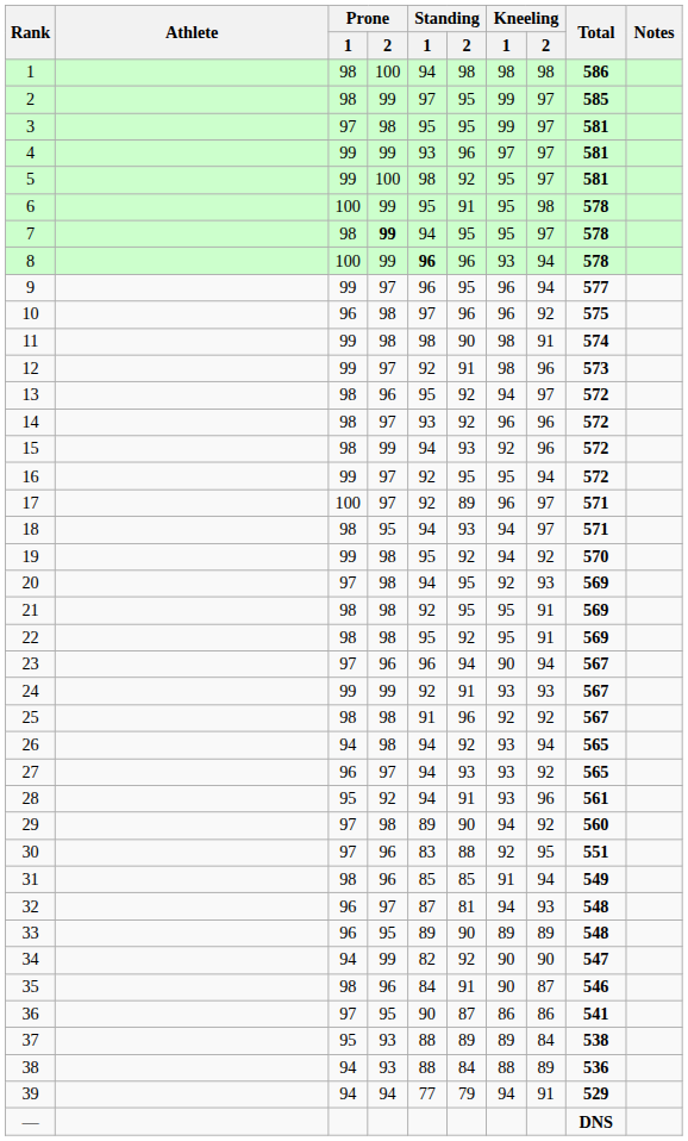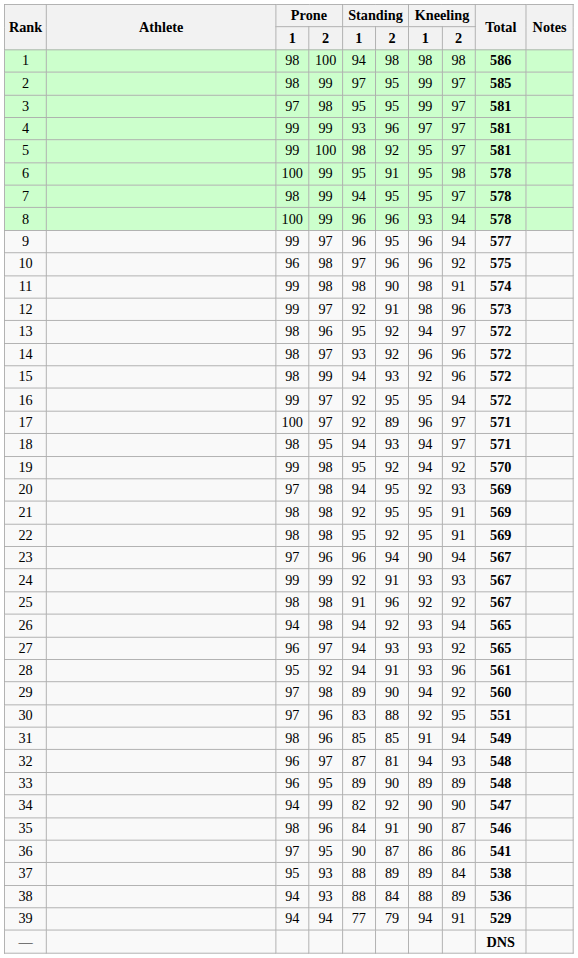 <table class="wikitable" style="text-align:center">
 <tr>
 <th rowspan=2 width=40>Rank</th>
 <th rowspan=2 width=250>Athlete</th>
 <th colspan=2>Prone</th>
 <th colspan=2>Standing</th>
 <th colspan=2>Kneeling</th>
 <th rowspan=2 width=50>Total</th>
 <th rowspan=2 width=45>Notes</th>
 </tr>
 <tr>
 <th width=30>1</th>
 <th width=30>2</th>
 <th width=30>1</th>
 <th width=30>2</th>
 <th width=30>1</th>
 <th width=30>2</th>
 </tr>
 <tr bgcolor=ccffcc>
 <td>1</td>
 <td align=left></td>
 <td>98</td>
 <td>100</td>
 <td>94</td>
 <td>98</td>
 <td>98</td>
 <td>98</td>
 <td><strong>586</strong></td>
 <td></td>
 </tr>
 <tr bgcolor=ccffcc>
 <td>2</td>
 <td align=left></td>
 <td>98</td>
 <td>99</td>
 <td>97</td>
 <td>95</td>
 <td>99</td>
 <td>97</td>
 <td><strong>585</strong></td>
 <td></td>
 </tr>
 <tr bgcolor=ccffcc>
 <td>3</td>
 <td align=left></td>
 <td>97</td>
 <td>98</td>
 <td>95</td>
 <td>95</td>
 <td>99</td>
 <td>97</td>
 <td><strong>581</strong></td>
 <td></td>
 </tr>
 <tr bgcolor=ccffcc>
 <td>4</td>
 <td align=left></td>
 <td>99</td>
 <td>99</td>
 <td>93</td>
 <td>96</td>
 <td>97</td>
 <td>97</td>
 <td><strong>581</strong></td>
 <td></td>
 </tr>
 <tr bgcolor=ccffcc>
 <td>5</td>
 <td align=left></td>
 <td>99</td>
 <td>100</td>
 <td>98</td>
 <td>92</td>
 <td>95</td>
 <td>97</td>
 <td><strong>581</strong></td>
 <td></td>
 </tr>
 <tr bgcolor=ccffcc>
 <td>6</td>
 <td align=left></td>
 <td>100</td>
 <td>99</td>
 <td>95</td>
 <td>91</td>
 <td>95</td>
 <td>98</td>
 <td><strong>578</strong></td>
 <td></td>
 </tr>
 <tr bgcolor=ccffcc>
 <td>7</td>
 <td align=left></td>
 <td>98</td>
-<td><strong>99</strong></td>
+<td>99</td>
 <td>94</td>
 <td>95</td>
 <td>95</td>
 <td>97</td>
 <td><strong>578</strong></td>
 <td></td>
 </tr>
 <tr bgcolor=ccffcc>
 <td>8</td>
 <td align=left></td>
 <td>100</td>
 <td>99</td>
-<td><strong>96</strong></td>
+<td>96</td>
 <td>96</td>
 <td>93</td>
 <td>94</td>
 <td><strong>578</strong></td>
 <td></td>
 </tr>
 <tr>
 <td>9</td>
 <td align=left></td>
 <td>99</td>
 <td>97</td>
 <td>96</td>
 <td>95</td>
 <td>96</td>
 <td>94</td>
 <td><strong>577</strong></td>
 <td></td>
 </tr>
 <tr>
 <td>10</td>
 <td align=left></td>
 <td>96</td>
 <td>98</td>
 <td>97</td>
 <td>96</td>
 <td>96</td>
 <td>92</td>
 <td><strong>575</strong></td>
 <td></td>
 </tr>
 <tr>
 <td>11</td>
 <td align=left></td>
 <td>99</td>
 <td>98</td>
 <td>98</td>
 <td>90</td>
 <td>98</td>
 <td>91</td>
 <td><strong>574</strong></td>
 <td></td>
 </tr>
 <tr>
 <td>12</td>
 <td align=left></td>
 <td>99</td>
 <td>97</td>
 <td>92</td>
 <td>91</td>
 <td>98</td>
 <td>96</td>
 <td><strong>573</strong></td>
 <td></td>
 </tr>
 <tr>
 <td>13</td>
 <td align=left></td>
 <td>98</td>
 <td>96</td>
 <td>95</td>
 <td>92</td>
 <td>94</td>
 <td>97</td>
 <td><strong>572</strong></td>
 <td></td>
 </tr>
 <tr>
 <td>14</td>
 <td align=left></td>
 <td>98</td>
 <td>97</td>
 <td>93</td>
 <td>92</td>
 <td>96</td>
 <td>96</td>
 <td><strong>572</strong></td>
 <td></td>
 </tr>
 <tr>
 <td>15</td>
 <td align=left></td>
 <td>98</td>
 <td>99</td>
 <td>94</td>
 <td>93</td>
 <td>92</td>
 <td>96</td>
 <td><strong>572</strong></td>
 <td></td>
 </tr>
 <tr>
 <td>16</td>
 <td align=left></td>
 <td>99</td>
 <td>97</td>
 <td>92</td>
 <td>95</td>
 <td>95</td>
 <td>94</td>
 <td><strong>572</strong></td>
 <td></td>
 </tr>
 <tr>
 <td>17</td>
 <td align=left></td>
 <td>100</td>
 <td>97</td>
 <td>92</td>
 <td>89</td>
 <td>96</td>
 <td>97</td>
 <td><strong>571</strong></td>
 <td></td>
 </tr>
 <tr>
 <td>18</td>
 <td align=left></td>
 <td>98</td>
 <td>95</td>
 <td>94</td>
 <td>93</td>
 <td>94</td>
 <td>97</td>
 <td><strong>571</strong></td>
 <td></td>
 </tr>
 <tr>
 <td>19</td>
 <td align=left></td>
 <td>99</td>
 <td>98</td>
 <td>95</td>
 <td>92</td>
 <td>94</td>
 <td>92</td>
 <td><strong>570</strong></td>
 <td></td>
 </tr>
 <tr>
 <td>20</td>
 <td align=left></td>
 <td>97</td>
 <td>98</td>
 <td>94</td>
 <td>95</td>
 <td>92</td>
 <td>93</td>
 <td><strong>569</strong></td>
 <td></td>
 </tr>
 <tr>
 <td>21</td>
 <td align=left></td>
 <td>98</td>
 <td>98</td>
 <td>92</td>
 <td>95</td>
 <td>95</td>
 <td>91</td>
 <td><strong>569</strong></td>
 <td></td>
 </tr>
 <tr>
 <td>22</td>
 <td align=left></td>
 <td>98</td>
 <td>98</td>
 <td>95</td>
 <td>92</td>
 <td>95</td>
 <td>91</td>
 <td><strong>569</strong></td>
 <td></td>
 </tr>
 <tr>
 <td>23</td>
 <td align=left></td>
 <td>97</td>
 <td>96</td>
 <td>96</td>
 <td>94</td>
 <td>90</td>
 <td>94</td>
 <td><strong>567</strong></td>
 <td></td>
 </tr>
 <tr>
 <td>24</td>
 <td align=left></td>
 <td>99</td>
 <td>99</td>
 <td>92</td>
 <td>91</td>
 <td>93</td>
 <td>93</td>
 <td><strong>567</strong></td>
 <td></td>
 </tr>
 <tr>
 <td>25</td>
 <td align=left></td>
 <td>98</td>
 <td>98</td>
 <td>91</td>
 <td>96</td>
 <td>92</td>
 <td>92</td>
 <td><strong>567</strong></td>
 <td></td>
 </tr>
 <tr>
 <td>26</td>
 <td align=left></td>
 <td>94</td>
 <td>98</td>
 <td>94</td>
 <td>92</td>
 <td>93</td>
 <td>94</td>
 <td><strong>565</strong></td>
 <td></td>
 </tr>
 <tr>
 <td>27</td>
 <td align=left></td>
 <td>96</td>
 <td>97</td>
 <td>94</td>
 <td>93</td>
 <td>93</td>
 <td>92</td>
 <td><strong>565</strong></td>
 <td></td>
 </tr>
 <tr>
 <td>28</td>
 <td align=left></td>
 <td>95</td>
 <td>92</td>
 <td>94</td>
 <td>91</td>
 <td>93</td>
 <td>96</td>
 <td><strong>561</strong></td>
 <td></td>
 </tr>
 <tr>
 <td>29</td>
 <td align=left></td>
 <td>97</td>
 <td>98</td>
 <td>89</td>
 <td>90</td>
 <td>94</td>
 <td>92</td>
 <td><strong>560</strong></td>
 <td></td>
 </tr>
 <tr>
 <td>30</td>
 <td align=left></td>
 <td>97</td>
 <td>96</td>
 <td>83</td>
 <td>88</td>
 <td>92</td>
 <td>95</td>
 <td><strong>551</strong></td>
 <td></td>
 </tr>
 <tr>
 <td>31</td>
 <td align=left></td>
 <td>98</td>
 <td>96</td>
 <td>85</td>
 <td>85</td>
 <td>91</td>
 <td>94</td>
 <td><strong>549</strong></td>
 <td></td>
 </tr>
 <tr>
 <td>32</td>
 <td align=left></td>
 <td>96</td>
 <td>97</td>
 <td>87</td>
 <td>81</td>
 <td>94</td>
 <td>93</td>
 <td><strong>548</strong></td>
 <td></td>
 </tr>
 <tr>
 <td>33</td>
 <td align=left></td>
 <td>96</td>
 <td>95</td>
 <td>89</td>
 <td>90</td>
 <td>89</td>
 <td>89</td>
 <td><strong>548</strong></td>
 <td></td>
 </tr>
 <tr>
 <td>34</td>
 <td align=left></td>
 <td>94</td>
 <td>99</td>
 <td>82</td>
 <td>92</td>
 <td>90</td>
 <td>90</td>
 <td><strong>547</strong></td>
 <td></td>
 </tr>
 <tr>
 <td>35</td>
 <td align=left></td>
 <td>98</td>
 <td>96</td>
 <td>84</td>
 <td>91</td>
 <td>90</td>
 <td>87</td>
 <td><strong>546</strong></td>
 <td></td>
 </tr>
 <tr>
 <td>36</td>
 <td align=left></td>
 <td>97</td>
 <td>95</td>
 <td>90</td>
 <td>87</td>
 <td>86</td>
 <td>86</td>
 <td><strong>541</strong></td>
 <td></td>
 </tr>
 <tr>
 <td>37</td>
 <td align=left></td>
 <td>95</td>
 <td>93</td>
 <td>88</td>
 <td>89</td>
 <td>89</td>
 <td>84</td>
 <td><strong>538</strong></td>
 <td></td>
 </tr>
 <tr>
 <td>38</td>
 <td align=left></td>
 <td>94</td>
 <td>93</td>
 <td>88</td>
 <td>84</td>
 <td>88</td>
 <td>89</td>
 <td><strong>536</strong></td>
 <td></td>
 </tr>
 <tr>
 <td>39</td>
 <td align=left></td>
 <td>94</td>
 <td>94</td>
 <td>77</td>
 <td>79</td>
 <td>94</td>
 <td>91</td>
 <td><strong>529</strong></td>
 <td></td>
 </tr>
 <tr>
 <td>—</td>
 <td align=left></td>
 <td></td>
 <td></td>
 <td></td>
 <td></td>
 <td></td>
 <td></td>
 <td><strong>DNS</strong></td>
 <td></td>
 </tr>
 </table>
